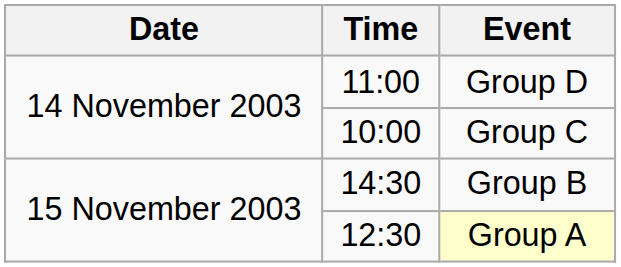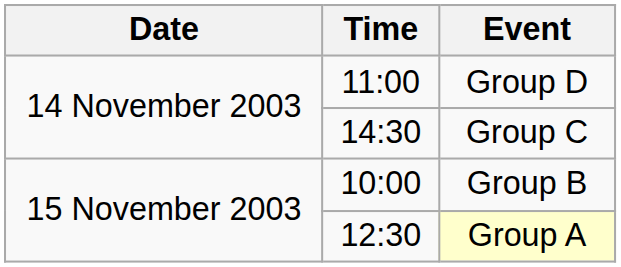 <table class = "wikitable" style="text-align:center;">
 <tr>
 <th width=150>Date</th>
 <th width=50>Time</th>
 <th width=80>Event</th>
 </tr>
 <tr>
 <td rowspan=2>14 November 2003</td>
 <td>11:00</td>
 <td>Group D</td>
 </tr>
 <tr>
-<td>10:00</td>
+<td>14:30</td>
 <td>Group C</td>
 </tr>
 <tr>
 <td rowspan=2>15 November 2003</td>
-<td>14:30</td>
+<td>10:00</td>
 <td>Group B</td>
 </tr>
 <tr>
 <td>12:30</td>
 <td bgcolor=ffffcc>Group A</td>
 </tr>
 </table>
